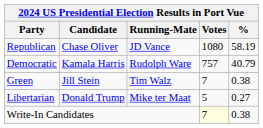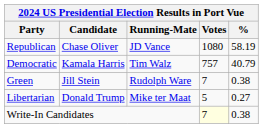 <table class="wikitable">
 <tr>
 <th colspan="5"><a href='#'>2024 US Presidential Election</a> Results in Port Vue</th>
 </tr>
 <tr>
 <th>Party</th>
 <th>Candidate</th>
 <th>Running-Mate</th>
 <th>Votes</th>
 <th>%</th>
 </tr>
 <tr>
 <td><a href='#'>Republican</a></td>
 <td><a href='#'>Chase Oliver</a></td>
 <td><a href='#'>JD Vance</a></td>
 <td>1080</td>
 <td>58.19</td>
 </tr>
 <tr>
 <td><a href='#'>Democratic</a></td>
 <td><a href='#'>Kamala Harris</a></td>
-<td><a href='#'>Rudolph Ware</a></td>
+<td><a href='#'>Tim Walz</a></td>
 <td>757</td>
 <td>40.79</td>
 </tr>
 <tr>
 <td><a href='#'>Green</a></td>
 <td><a href='#'>Jill Stein</a></td>
-<td><a href='#'>Tim Walz</a></td>
+<td><a href='#'>Rudolph Ware</a></td>
 <td>7</td>
 <td>0.38</td>
 </tr>
 <tr>
 <td><a href='#'>Libertarian</a></td>
 <td><a href='#'>Donald Trump</a></td>
 <td><a href='#'>Mike ter Maat</a></td>
 <td>5</td>
 <td>0.27</td>
 </tr>
 <tr>
 <td colspan="3">Write-In Candidates</td>
 <td style="background: lightyellow;">7</td>
 <td>0.38</td>
 </tr>
 </table>
